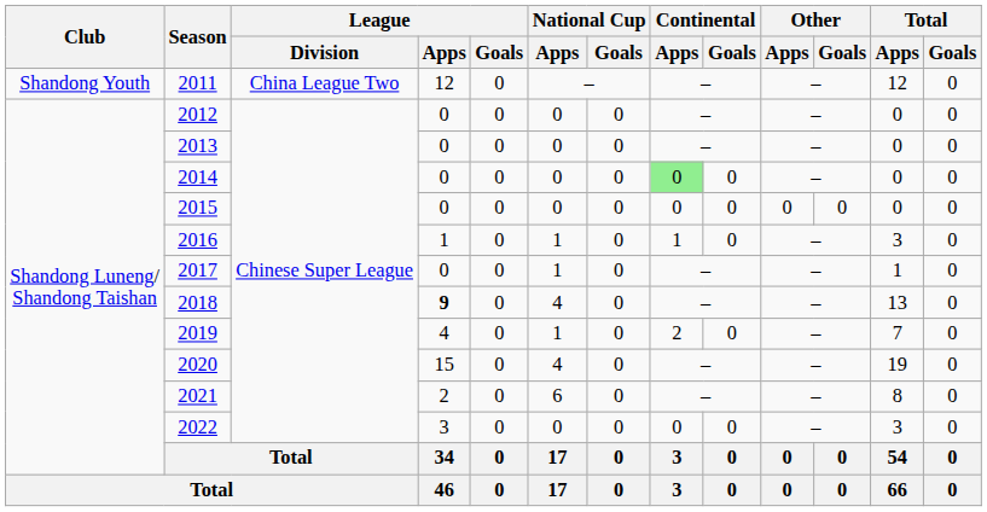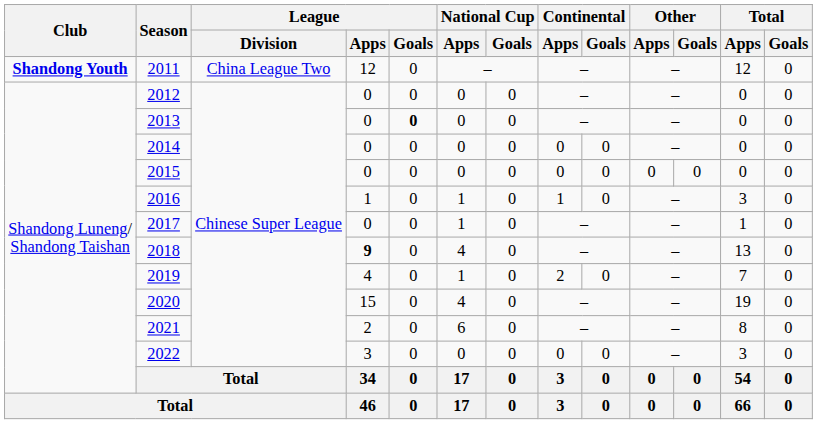 <table class="wikitable" style="text-align: center">
 <tr>
 <th rowspan="2">Club</th>
 <th rowspan="2">Season</th>
 <th colspan="3">League</th>
 <th colspan="2">National Cup</th>
 <th colspan="2">Continental</th>
 <th colspan="2">Other</th>
 <th colspan="2">Total</th>
 </tr>
 <tr>
 <th>Division</th>
 <th>Apps</th>
 <th>Goals</th>
 <th>Apps</th>
 <th>Goals</th>
 <th>Apps</th>
 <th>Goals</th>
 <th>Apps</th>
 <th>Goals</th>
 <th>Apps</th>
 <th>Goals</th>
 </tr>
 <tr>
-<td><a href='#'>Shandong Youth</a></td>
+<td><strong><a href='#'>Shandong Youth</a></strong></td>
 <td><a href='#'>2011</a></td>
 <td><a href='#'>China League Two</a></td>
 <td>12</td>
 <td>0</td>
 <td colspan="2">–</td>
 <td colspan="2">–</td>
 <td colspan="2">–</td>
 <td>12</td>
 <td>0</td>
 </tr>
 <tr>
 <td rowspan=12><a href='#'>Shandong Luneng</a>/<br><a href='#'>Shandong Taishan</a></td>
 <td><a href='#'>2012</a></td>
 <td rowspan=11><a href='#'>Chinese Super League</a></td>
 <td>0</td>
 <td>0</td>
 <td>0</td>
 <td>0</td>
 <td colspan="2">–</td>
 <td colspan="2">–</td>
 <td>0</td>
 <td>0</td>
 </tr>
 <tr>
 <td><a href='#'>2013</a></td>
 <td>0</td>
-<td>0</td>
+<td><strong>0</strong></td>
 <td>0</td>
 <td>0</td>
 <td colspan="2">–</td>
 <td colspan="2">–</td>
 <td>0</td>
 <td>0</td>
 </tr>
 <tr>
 <td><a href='#'>2014</a></td>
 <td>0</td>
 <td>0</td>
 <td>0</td>
 <td>0</td>
-<td style="background: lightgreen;">0</td>
+<td>0</td>
 <td>0</td>
 <td colspan="2">–</td>
 <td>0</td>
 <td>0</td>
 </tr>
 <tr>
 <td><a href='#'>2015</a></td>
 <td>0</td>
 <td>0</td>
 <td>0</td>
 <td>0</td>
 <td>0</td>
 <td>0</td>
 <td>0</td>
 <td>0</td>
 <td>0</td>
 <td>0</td>
 </tr>
 <tr>
 <td><a href='#'>2016</a></td>
 <td>1</td>
 <td>0</td>
 <td>1</td>
 <td>0</td>
 <td>1</td>
 <td>0</td>
 <td colspan="2">–</td>
 <td>3</td>
 <td>0</td>
 </tr>
 <tr>
 <td><a href='#'>2017</a></td>
 <td>0</td>
 <td>0</td>
 <td>1</td>
 <td>0</td>
 <td colspan="2">–</td>
 <td colspan="2">–</td>
 <td>1</td>
 <td>0</td>
 </tr>
 <tr>
 <td><a href='#'>2018</a></td>
 <td><strong>9</strong></td>
 <td>0</td>
 <td>4</td>
 <td>0</td>
 <td colspan="2">–</td>
 <td colspan="2">–</td>
 <td>13</td>
 <td>0</td>
 </tr>
 <tr>
 <td><a href='#'>2019</a></td>
 <td>4</td>
 <td>0</td>
 <td>1</td>
 <td>0</td>
 <td>2</td>
 <td>0</td>
 <td colspan="2">–</td>
 <td>7</td>
 <td>0</td>
 </tr>
 <tr>
 <td><a href='#'>2020</a></td>
 <td>15</td>
 <td>0</td>
 <td>4</td>
 <td>0</td>
 <td colspan="2">–</td>
 <td colspan="2">–</td>
 <td>19</td>
 <td>0</td>
 </tr>
 <tr>
 <td><a href='#'>2021</a></td>
 <td>2</td>
 <td>0</td>
 <td>6</td>
 <td>0</td>
 <td colspan="2">–</td>
 <td colspan="2">–</td>
 <td>8</td>
 <td>0</td>
 </tr>
 <tr>
 <td><a href='#'>2022</a></td>
 <td>3</td>
 <td>0</td>
 <td>0</td>
 <td>0</td>
 <td>0</td>
 <td>0</td>
 <td colspan="2">–</td>
 <td>3</td>
 <td>0</td>
 </tr>
 <tr>
 <th colspan=2>Total</th>
 <th>34</th>
 <th>0</th>
 <th>17</th>
 <th>0</th>
 <th>3</th>
 <th>0</th>
 <th>0</th>
 <th>0</th>
 <th>54</th>
 <th>0</th>
 </tr>
 <tr>
 <th colspan=3>Total</th>
 <th>46</th>
 <th>0</th>
 <th>17</th>
 <th>0</th>
 <th>3</th>
 <th>0</th>
 <th>0</th>
 <th>0</th>
 <th>66</th>
 <th>0</th>
 </tr>
 </table>
